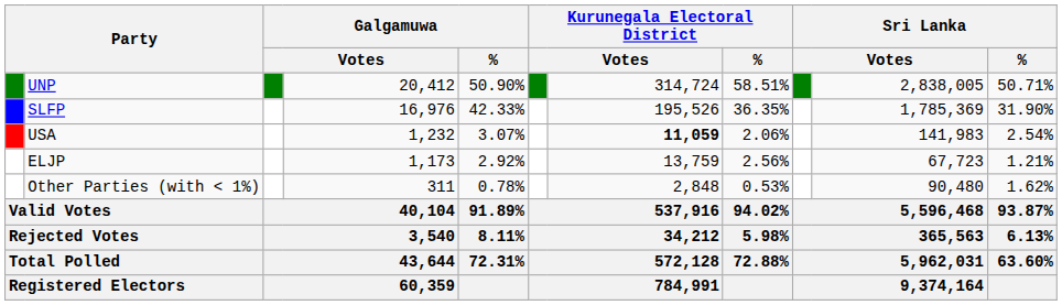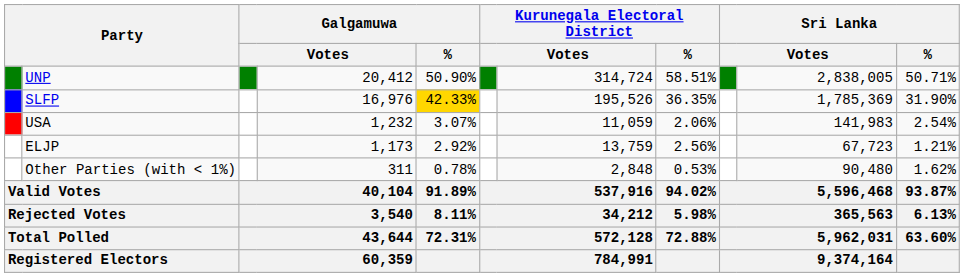 <table class="wikitable">
 <tr>
 <th colspan="2" width="144px"rowspan="2">Party</th>
 <th colspan="3" width="216px">Galgamuwa</th>
 <th colspan="3" width="216px"><a href='#'>Kurunegala Electoral District</a></th>
 <th colspan="3" width="216px">Sri Lanka</th>
 </tr>
 <tr>
 <th colspan="2" width="144px">Votes</th>
 <th>%</th>
 <th colspan="2" width="144px">Votes</th>
 <th>%</th>
 <th colspan="2" width="144px">Votes</th>
 <th>%</th>
 </tr>
 <tr>
 <td style="background-color:green;" width="10px"></td>
 <td style="text-align:left;"><a href='#'>UNP</a></td>
 <td style="background-color:green;" width="10px"></td>
 <td style="text-align:right;">20,412</td>
 <td style="text-align:right;">50.90%</td>
 <td style="background-color:green;" width="10px"></td>
 <td style="text-align:right;">314,724</td>
 <td style="text-align:right;">58.51%</td>
 <td style="background-color:green;" width="10px"></td>
 <td style="text-align:right;">2,838,005</td>
 <td style="text-align:right;">50.71%</td>
 </tr>
 <tr>
 <td style="background-color:blue;" width="10px"></td>
 <td style="text-align:left;"><a href='#'>SLFP</a></td>
 <td style="background-color:white;" width="10px"></td>
 <td style="text-align:right;">16,976</td>
-<td style="text-align:right;">42.33%</td>
+<td style="background: gold; text-align:right;">42.33%</td>
 <td style="background-color:white;" width="10px"></td>
 <td style="text-align:right;">195,526</td>
 <td style="text-align:right;">36.35%</td>
 <td style="background-color:white;" width="10px"></td>
 <td style="text-align:right;">1,785,369</td>
 <td style="text-align:right;">31.90%</td>
 </tr>
 <tr>
 <td style="background-color:red;" width="10px"></td>
 <td style="text-align:left;">USA</td>
 <td style="background-color:white;" width="10px"></td>
 <td style="text-align:right;">1,232</td>
 <td style="text-align:right;">3.07%</td>
 <td style="background-color:white;" width="10px"></td>
-<td style="text-align:right;"><strong>11,059</strong></td>
+<td style="text-align:right;">11,059</td>
 <td style="text-align:right;">2.06%</td>
 <td style="background-color:white;" width="10px"></td>
 <td style="text-align:right;">141,983</td>
 <td style="text-align:right;">2.54%</td>
 </tr>
 <tr>
 <td style="background-color:white;" width="10px"></td>
 <td style="text-align:left;">ELJP</td>
 <td style="background-color:white;" width="10px"></td>
 <td style="text-align:right;">1,173</td>
 <td style="text-align:right;">2.92%</td>
 <td style="background-color:white;" width="10px"></td>
 <td style="text-align:right;">13,759</td>
 <td style="text-align:right;">2.56%</td>
 <td style="background-color:white;" width="10px"></td>
 <td style="text-align:right;">67,723</td>
 <td style="text-align:right;">1.21%</td>
 </tr>
 <tr>
 <td style="background-color:white;" width="10px"></td>
 <td style="text-align:left;">Other Parties (with < 1%)</td>
 <td style="background-color:white;" width="10px"></td>
 <td style="text-align:right;">311</td>
 <td style="text-align:right;">0.78%</td>
 <td style="background-color:white;" width="10px"></td>
 <td style="text-align:right;">2,848</td>
 <td style="text-align:right;">0.53%</td>
 <td style="background-color:white;" width="10px"></td>
 <td style="text-align:right;">90,480</td>
 <td style="text-align:right;">1.62%</td>
 </tr>
 <tr>
 <th colspan="2" width="144px"style="text-align:left;">Valid Votes</th>
 <th style="text-align:right;"colspan="2" width="144px">40,104</th>
 <th style="text-align:right;">91.89%</th>
 <th style="text-align:right;"colspan="2" width="144px">537,916</th>
 <th style="text-align:right;">94.02%</th>
 <th style="text-align:right;"colspan="2" width="144px">5,596,468</th>
 <th style="text-align:right;">93.87%</th>
 </tr>
 <tr>
 <th colspan="2" width="144px"style="text-align:left;">Rejected Votes</th>
 <th style="text-align:right;"colspan="2" width="144px">3,540</th>
 <th style="text-align:right;">8.11%</th>
 <th style="text-align:right;"colspan="2" width="144px">34,212</th>
 <th style="text-align:right;">5.98%</th>
 <th style="text-align:right;"colspan="2" width="144px">365,563</th>
 <th style="text-align:right;">6.13%</th>
 </tr>
 <tr>
 <th colspan="2" width="144px"style="text-align:left;">Total Polled</th>
 <th style="text-align:right;"colspan="2" width="144px">43,644</th>
 <th style="text-align:right;">72.31%</th>
 <th style="text-align:right;"colspan="2" width="144px">572,128</th>
 <th style="text-align:right;">72.88%</th>
 <th style="text-align:right;"colspan="2" width="144px">5,962,031</th>
 <th style="text-align:right;">63.60%</th>
 </tr>
 <tr>
 <th colspan="2" width="144px"style="text-align:left;">Registered Electors</th>
 <th style="text-align:right;"colspan="2" width="144px">60,359</th>
 <th></th>
 <th style="text-align:right;"colspan="2" width="144px">784,991</th>
 <th></th>
 <th style="text-align:right;"colspan="2" width="144px">9,374,164</th>
 <th></th>
 </tr>
 </table>
